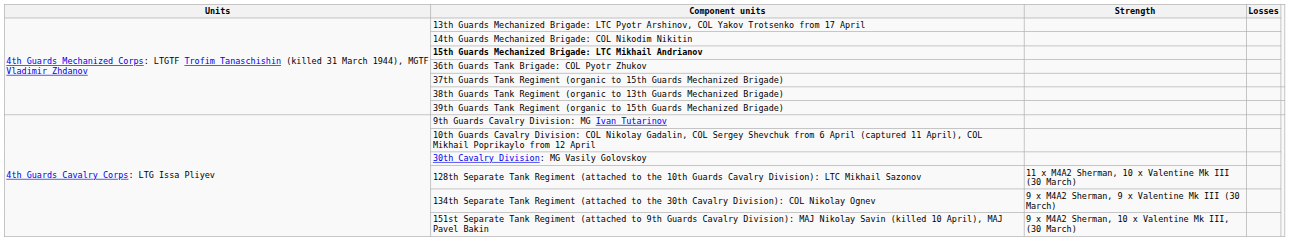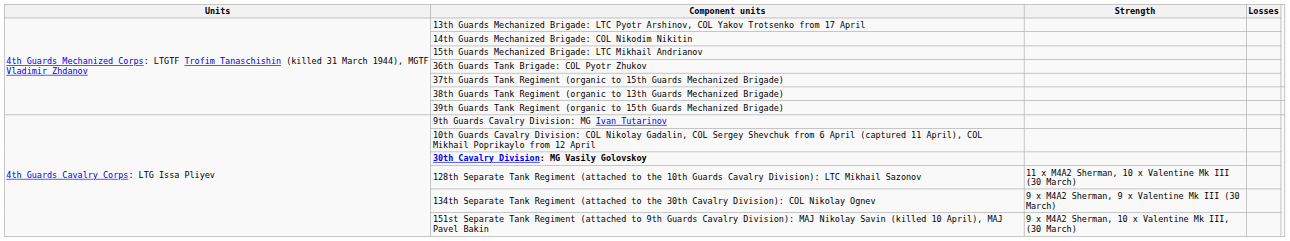 <table class="wikitable">
 <tr>
 <th>Units</th>
 <th>Component units</th>
 <th>Strength</th>
 <th>Losses</th>
 </tr>
 <tr>
 <td rowspan="7"><a href='#'>4th Guards Mechanized Corps</a>: LTGTF <a href='#'>Trofim Tanaschishin</a> (killed 31 March 1944), MGTF <a href='#'>Vladimir Zhdanov</a></td>
 <td>13th Guards Mechanized Brigade: LTC Pyotr Arshinov, COL Yakov Trotsenko from 17 April</td>
 <td></td>
 <td></td>
 </tr>
 <tr>
 <td>14th Guards Mechanized Brigade: COL Nikodim Nikitin</td>
 <td></td>
 <td></td>
 </tr>
 <tr>
-<td><strong>15th Guards Mechanized Brigade: LTC Mikhail Andrianov</strong></td>
+<td>15th Guards Mechanized Brigade: LTC Mikhail Andrianov</td>
 <td></td>
 <td></td>
 </tr>
 <tr>
 <td>36th Guards Tank Brigade: COL Pyotr Zhukov</td>
 <td></td>
 <td></td>
 </tr>
 <tr>
 <td>37th Guards Tank Regiment (organic to 15th Guards Mechanized Brigade)</td>
 <td></td>
 <td></td>
 </tr>
 <tr>
 <td>38th Guards Tank Regiment (organic to 13th Guards Mechanized Brigade)</td>
 <td></td>
 <td></td>
 <td></td>
 </tr>
 <tr>
 <td>39th Guards Tank Regiment (organic to 15th Guards Mechanized Brigade)</td>
 <td></td>
 <td></td>
 <td></td>
 </tr>
 <tr>
 <td rowspan="6"><a href='#'>4th Guards Cavalry Corps</a>: LTG Issa Pliyev</td>
 <td>9th Guards Cavalry Division: MG <a href='#'>Ivan Tutarinov</a></td>
 <td></td>
 <td><br></td>
 </tr>
 <tr>
 <td>10th Guards Cavalry Division: COL Nikolay Gadalin, COL Sergey Shevchuk from 6 April (captured 11 April), COL Mikhail Poprikaylo from 12 April</td>
 <td></td>
 <td></td>
 </tr>
 <tr>
-<td><a href='#'>30th Cavalry Division</a>: MG Vasily Golovskoy</td>
+<td><strong><a href='#'>30th Cavalry Division</a>: MG Vasily Golovskoy</strong></td>
 <td></td>
 <td></td>
 </tr>
 <tr>
 <td>128th Separate Tank Regiment (attached to the 10th Guards Cavalry Division): LTC Mikhail Sazonov</td>
 <td>11 х М4А2 Sherman, 10 x Valentine Mk III (30 March)</td>
 <td></td>
 </tr>
 <tr>
 <td>134th Separate Tank Regiment (attached to the 30th Cavalry Division): COL Nikolay Ognev</td>
 <td>9 x M4A2 Sherman, 9 x Valentine Mk III (30 March)</td>
 <td></td>
 </tr>
 <tr>
 <td>151st Separate Tank Regiment (attached to 9th Guards Cavalry Division): MAJ Nikolay Savin (killed 10 April), MAJ Pavel Bakin</td>
 <td>9 x M4A2 Sherman, 10 x Valentine Mk III, (30 March)</td>
 <td></td>
 </tr>
 </table>
